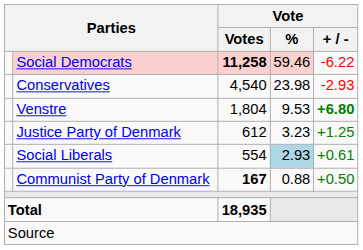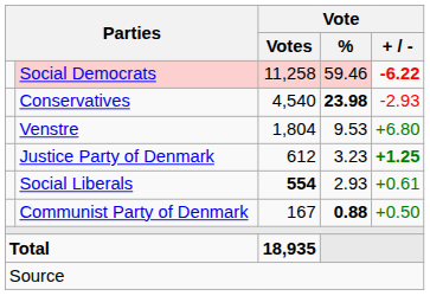 <table class="wikitable" style="text-align:right;">
 <tr>
 <th style="text-align:centre;" rowspan="2" colspan="2" width="225">Parties</th>
 <th colspan="3">Vote</th>
 </tr>
 <tr>
 <th width="15">Votes</th>
 <th width="15">%</th>
 <th width="15">+ / -</th>
 </tr>
 <tr>
 <td width="2" style="color:inherit;background:"></td>
 <td bgcolor=#fbd0ce  align="left"><a href='#'>Social Democrats</a></td>
-<td bgcolor=#fbd0ce><strong>11,258</strong></td>
+<td bgcolor=#fbd0ce>11,258</td>
 <td bgcolor=#fbd0ce>59.46</td>
-<td style=color:red;>-6.22</td>
+<td style=color:red;><strong>-6.22</strong></td>
 </tr>
 <tr>
 <td width="2" style="color:inherit;background:"></td>
 <td align="left"><a href='#'>Conservatives</a></td>
 <td>4,540</td>
-<td>23.98</td>
+<td><strong>23.98</strong></td>
 <td style=color:red;>-2.93</td>
 </tr>
 <tr>
 <td width="2" style="color:inherit;background:"></td>
 <td align="left"><a href='#'>Venstre</a></td>
 <td>1,804</td>
 <td>9.53</td>
-<td style=color:green;><strong>+6.80</strong></td>
+<td style=color:green;>+6.80</td>
 </tr>
 <tr>
 <td width="2" style="color:inherit;background:"></td>
 <td align="left"><a href='#'>Justice Party of Denmark</a></td>
 <td>612</td>
 <td>3.23</td>
-<td style=color:green;>+1.25</td>
+<td style=color:green;><strong>+1.25</strong></td>
 </tr>
 <tr>
 <td width="2" style="color:inherit;background:"></td>
 <td align="left"><a href='#'>Social Liberals</a></td>
-<td>554</td>
-<td style="background: lightblue;">2.93</td>
+<td><strong>554</strong></td>
+<td>2.93</td>
 <td style=color:green;>+0.61</td>
 </tr>
 <tr>
 <td width="2" style="color:inherit;background:"></td>
 <td align="left"><a href='#'>Communist Party of Denmark</a></td>
-<td><strong>167</strong></td>
-<td>0.88</td>
+<td>167</td>
+<td><strong>0.88</strong></td>
 <td style=color:green;>+0.50</td>
 </tr>
 <tr>
 <td colspan="7" bgcolor="#E9E9E9"></td>
 </tr>
 <tr>
 <td align="left" colspan="2"><strong>Total</strong></td>
 <td><strong>18,935</strong></td>
 <td bgcolor="#E9E9E9" colspan="2"></td>
 </tr>
 <tr>
 <td align="left" colspan="6">Source</td>
 </tr>
 </table>
